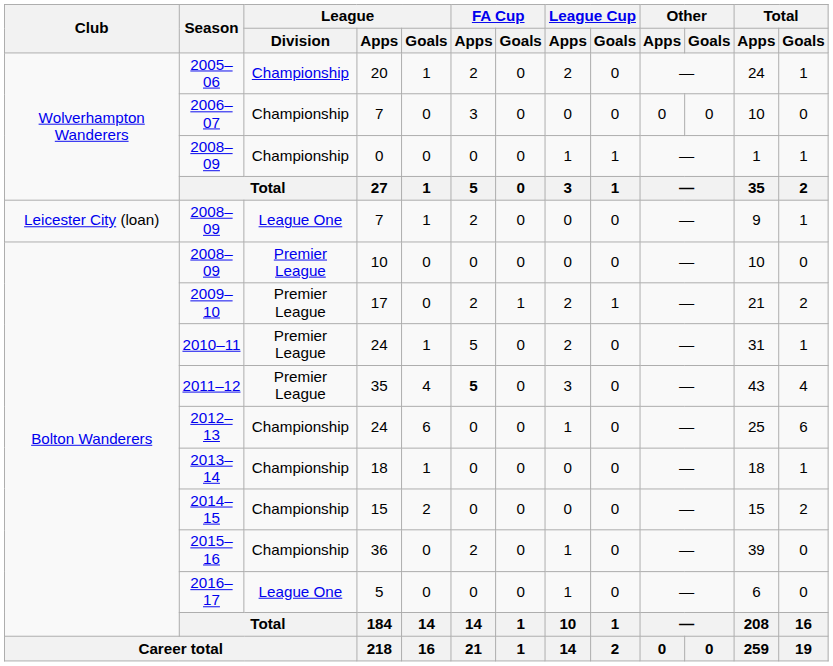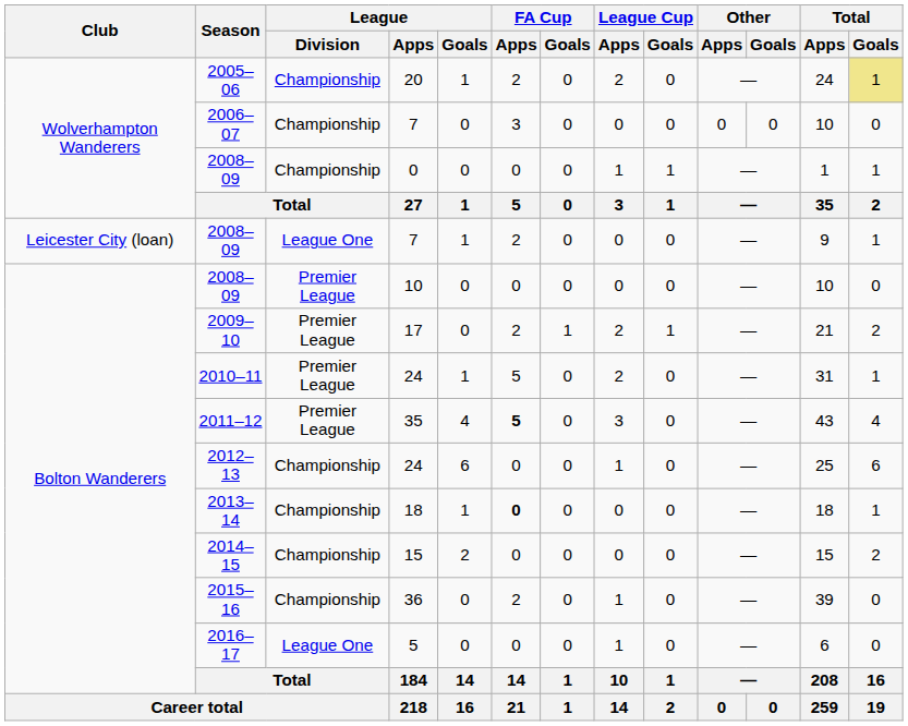 <table class="wikitable" style="text-align:center">
 <tr>
 <th rowspan="2">Club</th>
 <th rowspan="2">Season</th>
 <th colspan="3">League</th>
 <th colspan="2"><a href='#'>FA Cup</a></th>
 <th colspan="2"><a href='#'>League Cup</a></th>
 <th colspan="2">Other</th>
 <th colspan="2">Total</th>
 </tr>
 <tr>
 <th>Division</th>
 <th>Apps</th>
 <th>Goals</th>
 <th>Apps</th>
 <th>Goals</th>
 <th>Apps</th>
 <th>Goals</th>
 <th>Apps</th>
 <th>Goals</th>
 <th>Apps</th>
 <th>Goals</th>
 </tr>
 <tr>
 <td rowspan="4"><a href='#'>Wolverhampton Wanderers</a></td>
 <td><a href='#'>2005–06</a></td>
 <td><a href='#'>Championship</a></td>
 <td>20</td>
 <td>1</td>
 <td>2</td>
 <td>0</td>
 <td>2</td>
 <td>0</td>
 <td colspan="2">—</td>
 <td>24</td>
-<td>1</td>
+<td style="background: khaki;">1</td>
 </tr>
 <tr>
 <td><a href='#'>2006–07</a></td>
 <td>Championship</td>
 <td>7</td>
 <td>0</td>
 <td>3</td>
 <td>0</td>
 <td>0</td>
 <td>0</td>
 <td>0</td>
 <td>0</td>
 <td>10</td>
 <td>0</td>
 </tr>
 <tr>
 <td><a href='#'>2008–09</a></td>
 <td>Championship</td>
 <td>0</td>
 <td>0</td>
 <td>0</td>
 <td>0</td>
 <td>1</td>
 <td>1</td>
 <td colspan="2">—</td>
 <td>1</td>
 <td>1</td>
 </tr>
 <tr>
 <th colspan="2">Total</th>
 <th>27</th>
 <th>1</th>
 <th>5</th>
 <th>0</th>
 <th>3</th>
 <th>1</th>
 <th colspan="2">—</th>
 <th>35</th>
 <th>2</th>
 </tr>
 <tr>
 <td rowspan="1"><a href='#'>Leicester City</a> (loan)</td>
 <td><a href='#'>2008–09</a></td>
 <td><a href='#'>League One</a></td>
 <td>7</td>
 <td>1</td>
 <td>2</td>
 <td>0</td>
 <td>0</td>
 <td>0</td>
 <td colspan="2">—</td>
 <td>9</td>
 <td>1</td>
 </tr>
 <tr>
 <td rowspan="10"><a href='#'>Bolton Wanderers</a></td>
 <td><a href='#'>2008–09</a></td>
 <td><a href='#'>Premier League</a></td>
 <td>10</td>
 <td>0</td>
 <td>0</td>
 <td>0</td>
 <td>0</td>
 <td>0</td>
 <td colspan="2">—</td>
 <td>10</td>
 <td>0</td>
 </tr>
 <tr>
 <td><a href='#'>2009–10</a></td>
 <td>Premier League</td>
 <td>17</td>
 <td>0</td>
 <td>2</td>
 <td>1</td>
 <td>2</td>
 <td>1</td>
 <td colspan="2">—</td>
 <td>21</td>
 <td>2</td>
 </tr>
 <tr>
 <td><a href='#'>2010–11</a></td>
 <td>Premier League</td>
 <td>24</td>
 <td>1</td>
 <td>5</td>
 <td>0</td>
 <td>2</td>
 <td>0</td>
 <td colspan="2">—</td>
 <td>31</td>
 <td>1</td>
 </tr>
 <tr>
 <td><a href='#'>2011–12</a></td>
 <td>Premier League</td>
 <td>35</td>
 <td>4</td>
 <td><strong>5</strong></td>
 <td>0</td>
 <td>3</td>
 <td>0</td>
 <td colspan="2">—</td>
 <td>43</td>
 <td>4</td>
 </tr>
 <tr>
 <td><a href='#'>2012–13</a></td>
 <td>Championship</td>
 <td>24</td>
 <td>6</td>
 <td>0</td>
 <td>0</td>
 <td>1</td>
 <td>0</td>
 <td colspan="2">—</td>
 <td>25</td>
 <td>6</td>
 </tr>
 <tr>
 <td><a href='#'>2013–14</a></td>
 <td>Championship</td>
 <td>18</td>
 <td>1</td>
-<td>0</td>
+<td><strong>0</strong></td>
 <td>0</td>
 <td>0</td>
 <td>0</td>
 <td colspan="2">—</td>
 <td>18</td>
 <td>1</td>
 </tr>
 <tr>
 <td><a href='#'>2014–15</a></td>
 <td>Championship</td>
 <td>15</td>
 <td>2</td>
 <td>0</td>
 <td>0</td>
 <td>0</td>
 <td>0</td>
 <td colspan="2">—</td>
 <td>15</td>
 <td>2</td>
 </tr>
 <tr>
 <td><a href='#'>2015–16</a></td>
 <td>Championship</td>
 <td>36</td>
 <td>0</td>
 <td>2</td>
 <td>0</td>
 <td>1</td>
 <td>0</td>
 <td colspan="2">—</td>
 <td>39</td>
 <td>0</td>
 </tr>
 <tr>
 <td><a href='#'>2016–17</a></td>
 <td><a href='#'>League One</a></td>
 <td>5</td>
 <td>0</td>
 <td>0</td>
 <td>0</td>
 <td>1</td>
 <td>0</td>
 <td colspan="2">—</td>
 <td>6</td>
 <td>0</td>
 </tr>
 <tr>
 <th colspan="2">Total</th>
 <th>184</th>
 <th>14</th>
 <th>14</th>
 <th>1</th>
 <th>10</th>
 <th>1</th>
 <th colspan="2">—</th>
 <th>208</th>
 <th>16</th>
 </tr>
 <tr>
 <th colspan="3">Career total</th>
 <th>218</th>
 <th>16</th>
 <th>21</th>
 <th>1</th>
 <th>14</th>
 <th>2</th>
 <th>0</th>
 <th>0</th>
 <th>259</th>
 <th>19</th>
 </tr>
 </table>
